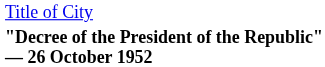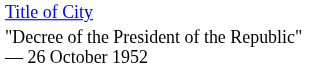 <table>
 <tr>
 <td rowspan=2 style="width:60px; vertical-align:top;"></td>
 <td><a href='#'>Title of City</a></td>
 </tr>
 <tr>
-<td><strong>"Decree of the President of the Republic"<br>— 26 October 1952</strong></td>
+<td>"Decree of the President of the Republic"<br>— 26 October 1952</td>
 </tr>
 </table>
